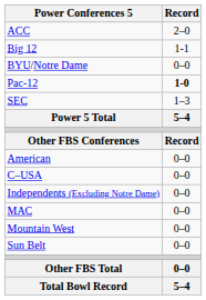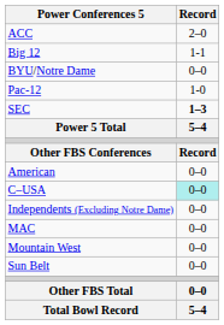 <table class="wikitable">
 <tr>
 <th>Power Conferences 5</th>
 <th>Record</th>
 </tr>
 <tr>
 <td><a href='#'>ACC</a></td>
 <td align=center>2–0</td>
 </tr>
 <tr>
 <td><a href='#'>Big 12</a></td>
 <td align=center>1-1</td>
 </tr>
 <tr>
 <td><a href='#'>BYU</a>/<a href='#'>Notre Dame</a></td>
 <td align=center>0–0</td>
 </tr>
 <tr>
 <td><a href='#'>Pac-12</a></td>
-<td align=center><strong>1-0</strong></td>
+<td align=center>1-0</td>
 </tr>
 <tr>
 <td><a href='#'>SEC</a></td>
-<td align=center>1–3</td>
+<td align=center><strong>1–3</strong></td>
 </tr>
 <tr>
 <th>Power 5 Total</th>
 <th>5–4</th>
 </tr>
 <tr>
 <th colspan="2" style="background:lightgrey;"></th>
 </tr>
 <tr>
 <th>Other FBS Conferences</th>
 <th>Record</th>
 </tr>
 <tr>
 <td><a href='#'>American</a></td>
 <td align=center>0–0</td>
 </tr>
 <tr>
 <td><a href='#'>C–USA</a></td>
-<td align=center>0–0</td>
+<td align=center style="background: paleturquoise;">0–0</td>
 </tr>
 <tr>
 <td><a href='#'>Independents <small>(Excluding Notre Dame)</small></a></td>
 <td align=center>0–0</td>
 </tr>
 <tr>
 <td><a href='#'>MAC</a></td>
 <td align=center>0–0</td>
 </tr>
 <tr>
 <td><a href='#'>Mountain West</a></td>
 <td align=center>0–0</td>
 </tr>
 <tr>
 <td><a href='#'>Sun Belt</a></td>
 <td align=center>0–0</td>
 </tr>
 <tr>
 <th colspan="2" style="background:lightgrey;"></th>
 </tr>
 <tr>
 <th>Other FBS Total</th>
 <th>0–0</th>
 </tr>
 <tr>
 <th>Total Bowl Record</th>
 <th>5–4</th>
 </tr>
 </table>
